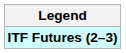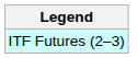 <table class=wikitable style=font-size:97%>
 <tr>
 <th>Legend</th>
 </tr>
 <tr bgcolor=cffcff>
-<td><strong>ITF Futures (2–3)</strong></td>
+<td>ITF Futures (2–3)</td>
 </tr>
 </table>
